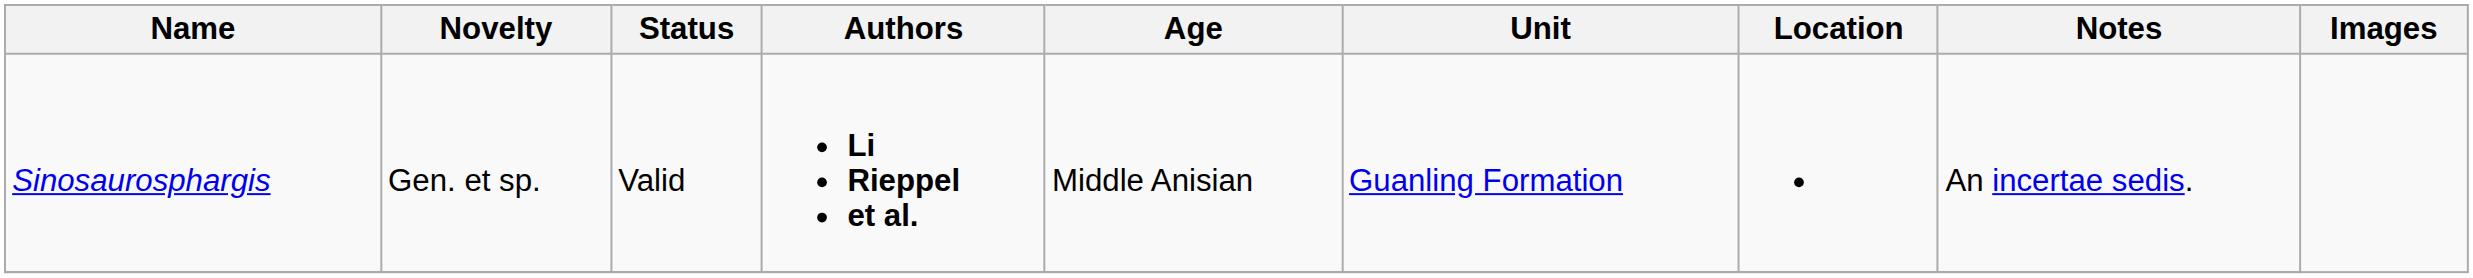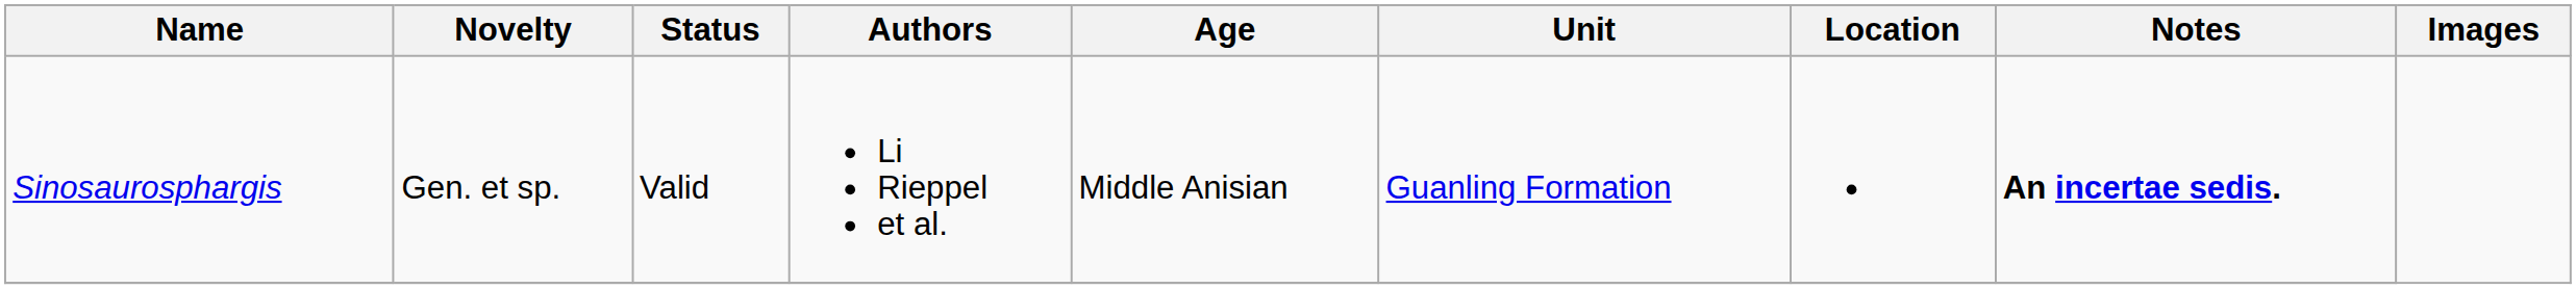 <table class="wikitable sortable" align="center" width="100%">
 <tr>
 <th>Name</th>
 <th>Novelty</th>
 <th>Status</th>
 <th>Authors</th>
 <th>Age</th>
 <th>Unit</th>
 <th>Location</th>
 <th>Notes</th>
 <th>Images</th>
 </tr>
 <tr>
 <td><br><em><a href='#'>Sinosaurosphargis</a></em></td>
 <td><br>Gen. et sp.</td>
 <td><br>Valid</td>
-<td><strong><br><ul><li>Li</li><li>Rieppel</li><li>et al.</li></ul></strong></td>
+<td><br><ul><li>Li</li><li>Rieppel</li><li>et al.</li></ul></td>
 <td><br>Middle Anisian</td>
 <td><br><a href='#'>Guanling Formation</a></td>
 <td><br><ul><li></li></ul></td>
-<td><br>An <a href='#'>incertae sedis</a>.</td>
+<td><strong><br>An <a href='#'>incertae sedis</a>.</strong></td>
 <td rowspan="47"></td>
 </tr>
 <tr>
 </tr>
 </table>
